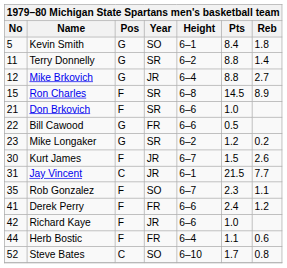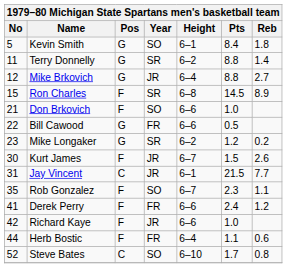 <table class="wikitable sortable" style="font-size: 90%" |->
 <tr>
 <th colspan=9 style=>1979–80 Michigan State Spartans men's basketball team</th>
 </tr>
 <tr>
 <th style="background:#">No</th>
 <th style="background:#">Name</th>
 <th style="background:#">Pos</th>
 <th style="background:#">Year</th>
 <th style="background:#">Height</th>
 <th style="background:#">Pts</th>
 <th style="background:#">Reb</th>
 </tr>
 <tr>
 <td>5</td>
 <td>Kevin Smith</td>
 <td>G</td>
 <td>SO</td>
 <td>6–1</td>
 <td>8.4</td>
 <td>1.8</td>
 </tr>
 <tr>
 <td>11</td>
 <td>Terry Donnelly</td>
 <td>G</td>
 <td>SR</td>
 <td>6–2</td>
 <td>8.8</td>
 <td>1.4</td>
 </tr>
 <tr>
 <td>12</td>
 <td><a href='#'>Mike Brkovich</a></td>
 <td>G</td>
 <td>JR</td>
 <td>6–4</td>
 <td>8.8</td>
 <td>2.7</td>
 </tr>
 <tr>
 <td>15</td>
 <td><a href='#'>Ron Charles</a></td>
 <td>F</td>
 <td>SR</td>
 <td>6–8</td>
 <td>14.5</td>
 <td>8.9</td>
 </tr>
 <tr>
 <td>21</td>
 <td><a href='#'>Don Brkovich</a></td>
 <td>F</td>
-<td>SR</td>
+<td>SO</td>
 <td>6–6</td>
 <td>1.0</td>
 <td></td>
 </tr>
 <tr>
 <td>22</td>
 <td>Bill Cawood</td>
 <td>G</td>
 <td>FR</td>
 <td>6–6</td>
 <td>0.5</td>
 <td></td>
 </tr>
 <tr>
 <td>23</td>
 <td>Mike Longaker</td>
 <td>G</td>
 <td>SR</td>
 <td>6–2</td>
 <td>1.2</td>
 <td>0.2</td>
 </tr>
 <tr>
 <td>30</td>
 <td>Kurt James</td>
 <td>F</td>
 <td>JR</td>
 <td>6–7</td>
 <td>1.5</td>
 <td>2.6</td>
 </tr>
 <tr>
 <td>31</td>
 <td><a href='#'>Jay Vincent</a></td>
 <td>C</td>
 <td>JR</td>
 <td>6–1</td>
 <td>21.5</td>
 <td>7.7</td>
 </tr>
 <tr>
 <td>35</td>
 <td>Rob Gonzalez</td>
 <td>F</td>
 <td>SO</td>
 <td>6–7</td>
 <td>2.3</td>
 <td>1.1</td>
 </tr>
 <tr>
 <td>41</td>
 <td>Derek Perry</td>
 <td>F</td>
 <td>FR</td>
 <td>6–6</td>
 <td>2.4</td>
 <td>1.2</td>
 </tr>
 <tr>
 <td>42</td>
 <td>Richard Kaye</td>
 <td>F</td>
 <td>JR</td>
 <td>6–6</td>
 <td>1.0</td>
 <td></td>
 </tr>
 <tr>
 <td>44</td>
 <td>Herb Bostic</td>
 <td>F</td>
 <td>FR</td>
 <td>6–4</td>
 <td>1.1</td>
 <td>0.6</td>
 </tr>
 <tr>
 <td>52</td>
 <td>Steve Bates</td>
 <td>C</td>
 <td>SO</td>
 <td>6–10</td>
 <td>1.7</td>
 <td>0.8</td>
 </tr>
 <tr>
 </tr>
 </table>
